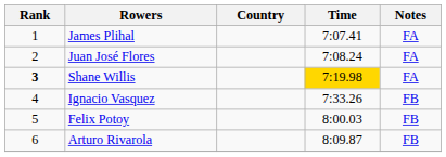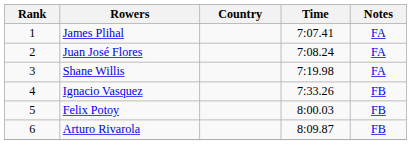 <table class="wikitable" width=60% style="text-align:center">
 <tr>
 <th>Rank</th>
 <th>Rowers</th>
 <th>Country</th>
 <th>Time</th>
 <th>Notes</th>
 </tr>
 <tr>
 <td>1</td>
 <td align=left><a href='#'>James Plihal</a></td>
 <td align=left></td>
 <td>7:07.41</td>
 <td><a href='#'>FA</a></td>
 </tr>
 <tr>
 <td>2</td>
 <td align=left><a href='#'>Juan José Flores</a></td>
 <td align=left></td>
 <td>7:08.24</td>
 <td><a href='#'>FA</a></td>
 </tr>
 <tr>
-<td><strong>3</strong></td>
+<td>3</td>
 <td align=left><a href='#'>Shane Willis</a></td>
 <td align=left></td>
-<td style="background: gold;">7:19.98</td>
+<td>7:19.98</td>
 <td><a href='#'>FA</a></td>
 </tr>
 <tr>
 <td>4</td>
 <td align=left><a href='#'>Ignacio Vasquez</a></td>
 <td align=left></td>
 <td>7:33.26</td>
 <td><a href='#'>FB</a></td>
 </tr>
 <tr>
 <td>5</td>
 <td align=left><a href='#'>Felix Potoy</a></td>
 <td align=left></td>
 <td>8:00.03</td>
 <td><a href='#'>FB</a></td>
 </tr>
 <tr>
 <td>6</td>
 <td align=left><a href='#'>Arturo Rivarola</a></td>
 <td align=left></td>
 <td>8:09.87</td>
 <td><a href='#'>FB</a></td>
 </tr>
 <tr>
 </tr>
 </table>
